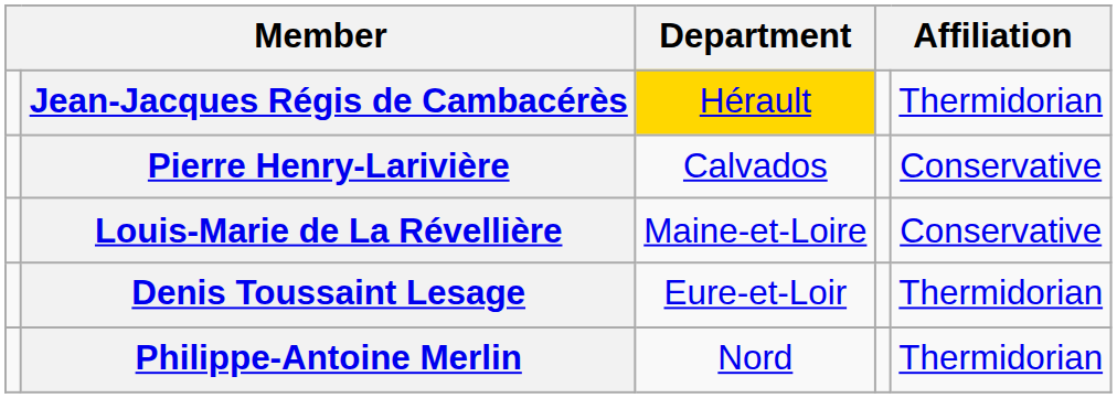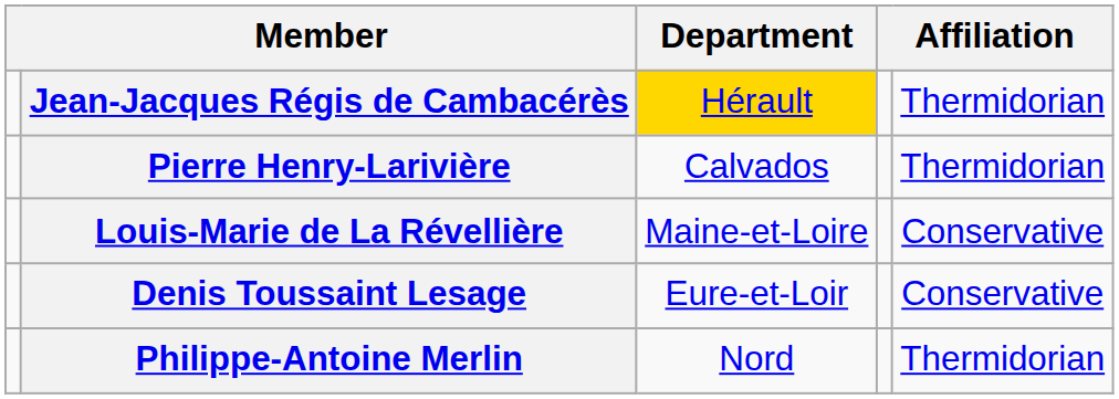 <table class="wikitable" style="line-height:1.4em; text-align:center">
 <tr>
 <th colspan=2>Member</th>
 <th>Department</th>
 <th colspan=2>Affiliation</th>
 </tr>
 <tr>
 <td></td>
 <th><a href='#'>Jean-Jacques Régis de Cambacérès</a></th>
 <td style="background: gold;"><a href='#'>Hérault</a></td>
 <td></td>
 <td><a href='#'>Thermidorian</a></td>
 </tr>
 <tr>
 <td></td>
 <th><a href='#'>Pierre Henry-Larivière</a></th>
 <td><a href='#'>Calvados</a></td>
 <td></td>
-<td><a href='#'>Conservative</a></td>
+<td><a href='#'>Thermidorian</a></td>
 </tr>
 <tr>
 <td></td>
 <th><a href='#'>Louis-Marie de La Révellière</a></th>
 <td><a href='#'>Maine-et-Loire</a></td>
 <td></td>
 <td><a href='#'>Conservative</a></td>
 </tr>
 <tr>
 <td></td>
 <th><a href='#'>Denis Toussaint Lesage</a></th>
 <td><a href='#'>Eure-et-Loir</a></td>
 <td></td>
-<td><a href='#'>Thermidorian</a></td>
+<td><a href='#'>Conservative</a></td>
 </tr>
 <tr>
 <td></td>
 <th><a href='#'>Philippe-Antoine Merlin</a></th>
 <td><a href='#'>Nord</a></td>
 <td></td>
 <td><a href='#'>Thermidorian</a></td>
 </tr>
 </table>
